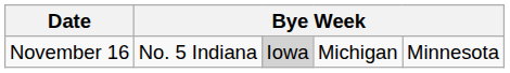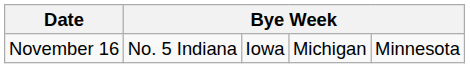 <table class="wikitable" style="font-size:95%;">
 <tr>
 <th>Date</th>
 <th colspan="4">Bye Week</th>
 </tr>
 <tr>
 <td>November 16</td>
 <td>No. 5 Indiana</td>
-<td style="background: lightgrey;">Iowa</td>
+<td>Iowa</td>
 <td>Michigan</td>
 <td>Minnesota</td>
 </tr>
 </table>
